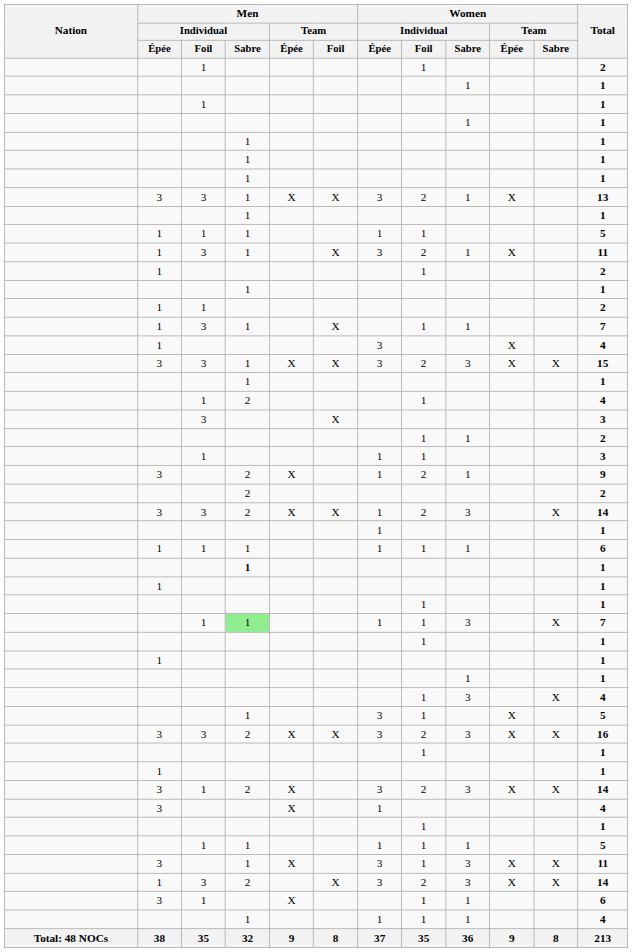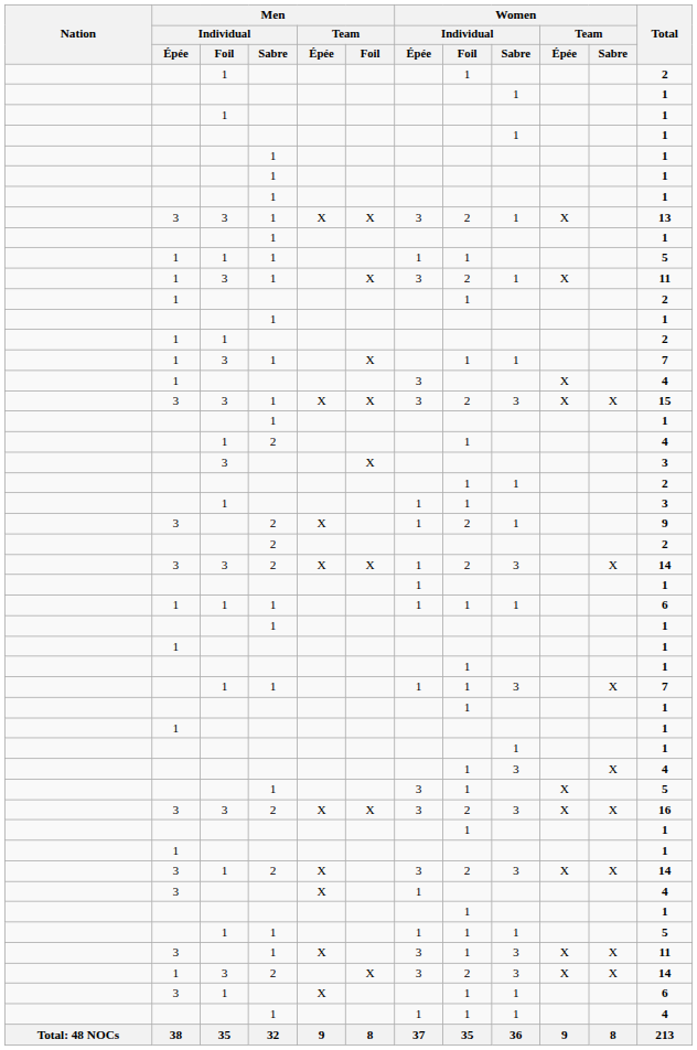 <table class="wikitable"  style="width:800px; text-align:center; font-size:90%;">
 <tr>
 <th rowspan="3">Nation</th>
 <th colspan="5">Men</th>
 <th colspan="5">Women</th>
 <th rowspan="3">Total</th>
 </tr>
 <tr style="font-size:95%">
 <th colspan=3>Individual</th>
 <th colspan=2>Team</th>
 <th colspan=3>Individual</th>
 <th colspan=2>Team</th>
 </tr>
 <tr style="font-size:95%">
 <th width=50>Épée</th>
 <th width=50>Foil</th>
 <th width=50>Sabre</th>
 <th width=50>Épée</th>
 <th width=50>Foil</th>
 <th width=50>Épée</th>
 <th width=50>Foil</th>
 <th width=50>Sabre</th>
 <th width=50>Épée</th>
 <th width=50>Sabre</th>
 </tr>
 <tr>
 <td style="text-align:left;"></td>
 <td></td>
 <td>1</td>
 <td></td>
 <td></td>
 <td></td>
 <td></td>
 <td>1</td>
 <td></td>
 <td></td>
 <td></td>
 <td><strong>2</strong></td>
 </tr>
 <tr>
 <td style="text-align:left;"></td>
 <td></td>
 <td></td>
 <td></td>
 <td></td>
 <td></td>
 <td></td>
 <td></td>
 <td>1</td>
 <td></td>
 <td></td>
 <td><strong>1</strong></td>
 </tr>
 <tr>
 <td style="text-align:left;"></td>
 <td></td>
 <td>1</td>
 <td></td>
 <td></td>
 <td></td>
 <td></td>
 <td></td>
 <td></td>
 <td></td>
 <td></td>
 <td><strong>1</strong></td>
 </tr>
 <tr>
 <td style="text-align:left;"></td>
 <td></td>
 <td></td>
 <td></td>
 <td></td>
 <td></td>
 <td></td>
 <td></td>
 <td>1</td>
 <td></td>
 <td></td>
 <td><strong>1</strong></td>
 </tr>
 <tr>
 <td style="text-align:left;"></td>
 <td></td>
 <td></td>
 <td>1</td>
 <td></td>
 <td></td>
 <td></td>
 <td></td>
 <td></td>
 <td></td>
 <td></td>
 <td><strong>1</strong></td>
 </tr>
 <tr>
 <td style="text-align:left;"></td>
 <td></td>
 <td></td>
 <td>1</td>
 <td></td>
 <td></td>
 <td></td>
 <td></td>
 <td></td>
 <td></td>
 <td></td>
 <td><strong>1</strong></td>
 </tr>
 <tr>
 <td style="text-align:left;"></td>
 <td></td>
 <td></td>
 <td>1</td>
 <td></td>
 <td></td>
 <td></td>
 <td></td>
 <td></td>
 <td></td>
 <td></td>
 <td><strong>1</strong></td>
 </tr>
 <tr>
 <td style="text-align:left;"></td>
 <td>3</td>
 <td>3</td>
 <td>1</td>
 <td>X</td>
 <td>X</td>
 <td>3</td>
 <td>2</td>
 <td>1</td>
 <td>X</td>
 <td></td>
 <td><strong>13</strong></td>
 </tr>
 <tr>
 <td style="text-align:left;"></td>
 <td></td>
 <td></td>
 <td>1</td>
 <td></td>
 <td></td>
 <td></td>
 <td></td>
 <td></td>
 <td></td>
 <td></td>
 <td><strong>1</strong></td>
 </tr>
 <tr>
 <td style="text-align:left;"></td>
 <td>1</td>
 <td>1</td>
 <td>1</td>
 <td></td>
 <td></td>
 <td>1</td>
 <td>1</td>
 <td></td>
 <td></td>
 <td></td>
 <td><strong>5</strong></td>
 </tr>
 <tr>
 <td style="text-align:left;"></td>
 <td>1</td>
 <td>3</td>
 <td>1</td>
 <td></td>
 <td>X</td>
 <td>3</td>
 <td>2</td>
 <td>1</td>
 <td>X</td>
 <td></td>
 <td><strong>11</strong></td>
 </tr>
 <tr>
 <td style="text-align:left;"></td>
 <td>1</td>
 <td></td>
 <td></td>
 <td></td>
 <td></td>
 <td></td>
 <td>1</td>
 <td></td>
 <td></td>
 <td></td>
 <td><strong>2</strong></td>
 </tr>
 <tr>
 <td style="text-align:left;"></td>
 <td></td>
 <td></td>
 <td>1</td>
 <td></td>
 <td></td>
 <td></td>
 <td></td>
 <td></td>
 <td></td>
 <td></td>
 <td><strong>1</strong></td>
 </tr>
 <tr>
 <td style="text-align:left;"></td>
 <td>1</td>
 <td>1</td>
 <td></td>
 <td></td>
 <td></td>
 <td></td>
 <td></td>
 <td></td>
 <td></td>
 <td></td>
 <td><strong>2</strong></td>
 </tr>
 <tr>
 <td style="text-align:left;"></td>
 <td>1</td>
 <td>3</td>
 <td>1</td>
 <td></td>
 <td>X</td>
 <td></td>
 <td>1</td>
 <td>1</td>
 <td></td>
 <td></td>
 <td><strong>7</strong></td>
 </tr>
 <tr>
 <td style="text-align:left;"></td>
 <td>1</td>
 <td></td>
 <td></td>
 <td></td>
 <td></td>
 <td>3</td>
 <td></td>
 <td></td>
 <td>X</td>
 <td></td>
 <td><strong>4</strong></td>
 </tr>
 <tr>
 <td style="text-align:left;"></td>
 <td>3</td>
 <td>3</td>
 <td>1</td>
 <td>X</td>
 <td>X</td>
 <td>3</td>
 <td>2</td>
 <td>3</td>
 <td>X</td>
 <td>X</td>
 <td><strong>15</strong></td>
 </tr>
 <tr>
 <td style="text-align:left;"></td>
 <td></td>
 <td></td>
 <td>1</td>
 <td></td>
 <td></td>
 <td></td>
 <td></td>
 <td></td>
 <td></td>
 <td></td>
 <td><strong>1</strong></td>
 </tr>
 <tr>
 <td style="text-align:left;"></td>
 <td></td>
 <td>1</td>
 <td>2</td>
 <td></td>
 <td></td>
 <td></td>
 <td>1</td>
 <td></td>
 <td></td>
 <td></td>
 <td><strong>4</strong></td>
 </tr>
 <tr>
 <td style="text-align:left;"></td>
 <td></td>
 <td>3</td>
 <td></td>
 <td></td>
 <td>X</td>
 <td></td>
 <td></td>
 <td></td>
 <td></td>
 <td></td>
 <td><strong>3</strong></td>
 </tr>
 <tr>
 <td style="text-align:left;"></td>
 <td></td>
 <td></td>
 <td></td>
 <td></td>
 <td></td>
 <td></td>
 <td>1</td>
 <td>1</td>
 <td></td>
 <td></td>
 <td><strong>2</strong></td>
 </tr>
 <tr>
 <td style="text-align:left;"></td>
 <td></td>
 <td>1</td>
 <td></td>
 <td></td>
 <td></td>
 <td>1</td>
 <td>1</td>
 <td></td>
 <td></td>
 <td></td>
 <td><strong>3</strong></td>
 </tr>
 <tr>
 <td style="text-align:left;"></td>
 <td>3</td>
 <td></td>
 <td>2</td>
 <td>X</td>
 <td></td>
 <td>1</td>
 <td>2</td>
 <td>1</td>
 <td></td>
 <td></td>
 <td><strong>9</strong></td>
 </tr>
 <tr>
 <td style="text-align:left;"></td>
 <td></td>
 <td></td>
 <td>2</td>
 <td></td>
 <td></td>
 <td></td>
 <td></td>
 <td></td>
 <td></td>
 <td></td>
 <td><strong>2</strong></td>
 </tr>
 <tr>
 <td style="text-align:left;"></td>
 <td>3</td>
 <td>3</td>
 <td>2</td>
 <td>X</td>
 <td>X</td>
 <td>1</td>
 <td>2</td>
 <td>3</td>
 <td></td>
 <td>X</td>
 <td><strong>14</strong></td>
 </tr>
 <tr>
 <td style="text-align:left;"></td>
 <td></td>
 <td></td>
 <td></td>
 <td></td>
 <td></td>
 <td>1</td>
 <td></td>
 <td></td>
 <td></td>
 <td></td>
 <td><strong>1</strong></td>
 </tr>
 <tr>
 <td style="text-align:left;"></td>
 <td>1</td>
 <td>1</td>
 <td>1</td>
 <td></td>
 <td></td>
 <td>1</td>
 <td>1</td>
 <td>1</td>
 <td></td>
 <td></td>
 <td><strong>6</strong></td>
 </tr>
 <tr>
 <td style="text-align:left;"></td>
 <td></td>
 <td></td>
-<td><strong>1</strong></td>
+<td>1</td>
 <td></td>
 <td></td>
 <td></td>
 <td></td>
 <td></td>
 <td></td>
 <td></td>
 <td><strong>1</strong></td>
 </tr>
 <tr>
 <td style="text-align:left;"></td>
 <td>1</td>
 <td></td>
 <td></td>
 <td></td>
 <td></td>
 <td></td>
 <td></td>
 <td></td>
 <td></td>
 <td></td>
 <td><strong>1</strong></td>
 </tr>
 <tr>
 <td style="text-align:left;"></td>
 <td></td>
 <td></td>
 <td></td>
 <td></td>
 <td></td>
 <td></td>
 <td>1</td>
 <td></td>
 <td></td>
 <td></td>
 <td><strong>1</strong></td>
 </tr>
 <tr>
 <td style="text-align:left;"></td>
 <td></td>
 <td>1</td>
-<td style="background: lightgreen;">1</td>
+<td>1</td>
 <td></td>
 <td></td>
 <td>1</td>
 <td>1</td>
 <td>3</td>
 <td></td>
 <td>X</td>
 <td><strong>7</strong></td>
 </tr>
 <tr>
 <td style="text-align:left;"></td>
 <td></td>
 <td></td>
 <td></td>
 <td></td>
 <td></td>
 <td></td>
 <td>1</td>
 <td></td>
 <td></td>
 <td></td>
 <td><strong>1</strong></td>
 </tr>
 <tr>
 <td style="text-align:left;"></td>
 <td>1</td>
 <td></td>
 <td></td>
 <td></td>
 <td></td>
 <td></td>
 <td></td>
 <td></td>
 <td></td>
 <td></td>
 <td><strong>1</strong></td>
 </tr>
 <tr>
 <td style="text-align:left;"></td>
 <td></td>
 <td></td>
 <td></td>
 <td></td>
 <td></td>
 <td></td>
 <td></td>
 <td>1</td>
 <td></td>
 <td></td>
 <td><strong>1</strong></td>
 </tr>
 <tr>
 <td style="text-align:left;"></td>
 <td></td>
 <td></td>
 <td></td>
 <td></td>
 <td></td>
 <td></td>
 <td>1</td>
 <td>3</td>
 <td></td>
 <td>X</td>
 <td><strong>4</strong></td>
 </tr>
 <tr>
 <td style="text-align:left;"></td>
 <td></td>
 <td></td>
 <td>1</td>
 <td></td>
 <td></td>
 <td>3</td>
 <td>1</td>
 <td></td>
 <td>X</td>
 <td></td>
 <td><strong>5</strong></td>
 </tr>
 <tr>
 <td style="text-align:left;"></td>
 <td>3</td>
 <td>3</td>
 <td>2</td>
 <td>X</td>
 <td>X</td>
 <td>3</td>
 <td>2</td>
 <td>3</td>
 <td>X</td>
 <td>X</td>
 <td><strong>16</strong></td>
 </tr>
 <tr>
 <td style="text-align:left;"></td>
 <td></td>
 <td></td>
 <td></td>
 <td></td>
 <td></td>
 <td></td>
 <td>1</td>
 <td></td>
 <td></td>
 <td></td>
 <td><strong>1</strong></td>
 </tr>
 <tr>
 <td style="text-align:left;"></td>
 <td>1</td>
 <td></td>
 <td></td>
 <td></td>
 <td></td>
 <td></td>
 <td></td>
 <td></td>
 <td></td>
 <td></td>
 <td><strong>1</strong></td>
 </tr>
 <tr>
 <td style="text-align:left;"></td>
 <td>3</td>
 <td>1</td>
 <td>2</td>
 <td>X</td>
 <td></td>
 <td>3</td>
 <td>2</td>
 <td>3</td>
 <td>X</td>
 <td>X</td>
 <td><strong>14</strong></td>
 </tr>
 <tr>
 <td style="text-align:left;"></td>
 <td>3</td>
 <td></td>
 <td></td>
 <td>X</td>
 <td></td>
 <td>1</td>
 <td></td>
 <td></td>
 <td></td>
 <td></td>
 <td><strong>4</strong></td>
 </tr>
 <tr>
 <td style="text-align:left;"></td>
 <td></td>
 <td></td>
 <td></td>
 <td></td>
 <td></td>
 <td></td>
 <td>1</td>
 <td></td>
 <td></td>
 <td></td>
 <td><strong>1</strong></td>
 </tr>
 <tr>
 <td style="text-align:left;"></td>
 <td></td>
 <td>1</td>
 <td>1</td>
 <td></td>
 <td></td>
 <td>1</td>
 <td>1</td>
 <td>1</td>
 <td></td>
 <td></td>
 <td><strong>5</strong></td>
 </tr>
 <tr>
 <td style="text-align:left;"></td>
 <td>3</td>
 <td></td>
 <td>1</td>
 <td>X</td>
 <td></td>
 <td>3</td>
 <td>1</td>
 <td>3</td>
 <td>X</td>
 <td>X</td>
 <td><strong>11</strong></td>
 </tr>
 <tr>
 <td style="text-align:left;"></td>
 <td>1</td>
 <td>3</td>
 <td>2</td>
 <td></td>
 <td>X</td>
 <td>3</td>
 <td>2</td>
 <td>3</td>
 <td>X</td>
 <td>X</td>
 <td><strong>14</strong></td>
 </tr>
 <tr>
 <td style="text-align:left;"></td>
 <td>3</td>
 <td>1</td>
 <td></td>
 <td>X</td>
 <td></td>
 <td></td>
 <td>1</td>
 <td>1</td>
 <td></td>
 <td></td>
 <td><strong>6</strong></td>
 </tr>
 <tr>
 <td style="text-align:left;"></td>
 <td></td>
 <td></td>
 <td>1</td>
 <td></td>
 <td></td>
 <td>1</td>
 <td>1</td>
 <td>1</td>
 <td></td>
 <td></td>
 <td><strong>4</strong></td>
 </tr>
 <tr>
 <th>Total: 48 NOCs</th>
 <th>38</th>
 <th>35</th>
 <th>32</th>
 <th>9</th>
 <th>8</th>
 <th>37</th>
 <th>35</th>
 <th>36</th>
 <th>9</th>
 <th>8</th>
 <th><strong>213</strong></th>
 </tr>
 </table>
